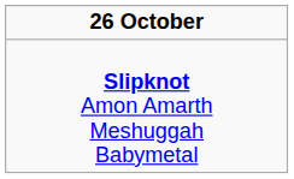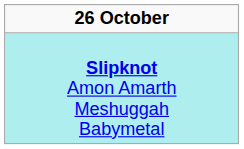 <table class="wikitable">
 <tr>
 <td style="text-align:center;"><strong>26 October</strong></td>
 </tr>
 <tr>
-<td style="text-align:center; vertical-align:top; width:200px;"><br><strong><a href='#'>Slipknot</a></strong><br> <a href='#'>Amon Amarth</a><br> <a href='#'>Meshuggah</a><br> <a href='#'>Babymetal</a></td>
+<td style="background: paleturquoise; text-align:center; vertical-align:top; width:200px;"><br><strong><a href='#'>Slipknot</a></strong><br> <a href='#'>Amon Amarth</a><br> <a href='#'>Meshuggah</a><br> <a href='#'>Babymetal</a></td>
 </tr>
 </table>
